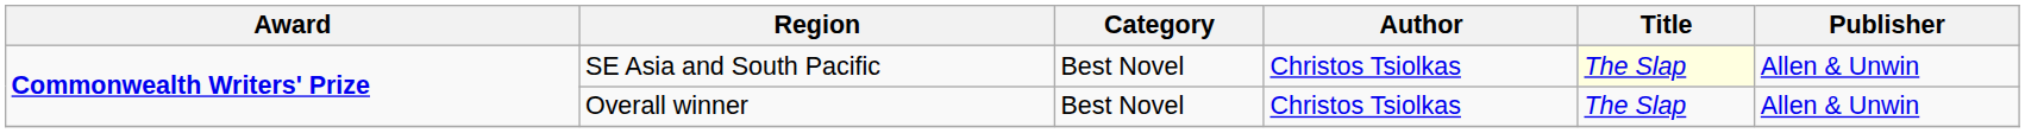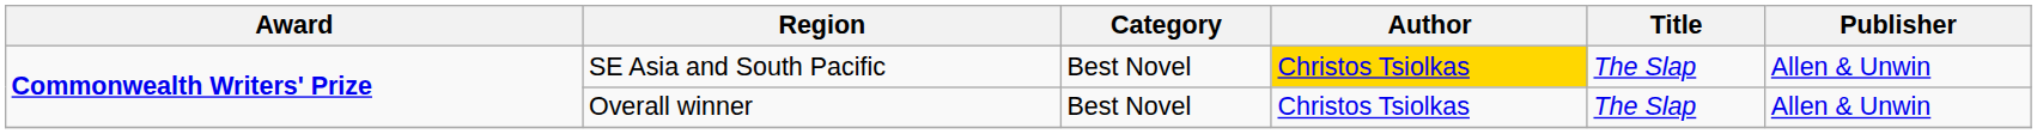 <table class="wikitable" width=100%>
 <tr>
 <th>Award</th>
 <th>Region</th>
 <th>Category</th>
 <th>Author</th>
 <th>Title</th>
 <th>Publisher</th>
 </tr>
 <tr>
 <td rowspan=2><strong><a href='#'>Commonwealth Writers' Prize</a></strong></td>
 <td>SE Asia and South Pacific</td>
 <td>Best Novel</td>
-<td><a href='#'>Christos Tsiolkas</a></td>
-<td style="background: lightyellow;"><em><a href='#'>The Slap</a></em></td>
+<td style="background: gold;"><a href='#'>Christos Tsiolkas</a></td>
+<td><em><a href='#'>The Slap</a></em></td>
 <td><a href='#'>Allen & Unwin</a></td>
 </tr>
 <tr>
 <td>Overall winner</td>
 <td>Best Novel</td>
 <td><a href='#'>Christos Tsiolkas</a></td>
 <td><em><a href='#'>The Slap</a></em></td>
 <td><a href='#'>Allen & Unwin</a></td>
 </tr>
 <tr>
 </tr>
 </table>
